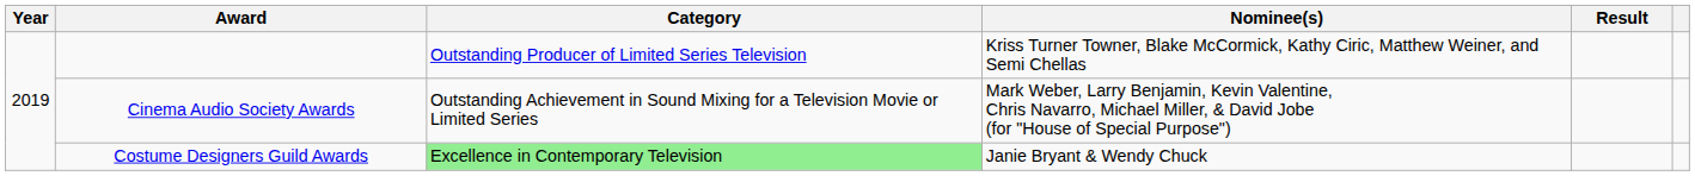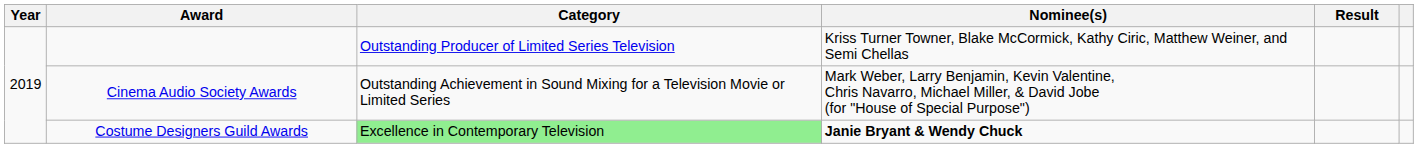 <table class="wikitable sortable" style="width:100%">
 <tr>
 <th scope="col" style="width:3%;">Year</th>
 <th scope="col" style="width:22%;">Award</th>
 <th scope="col" style="width:33%;">Category</th>
 <th scope="col" style="width:35%;">Nominee(s)</th>
 <th scope="col" style="width:6%;">Result</th>
 <th scope="col" class="unsortable" style="width:1%;"></th>
 </tr>
 <tr>
 <td align="center" rowspan="3">2019</td>
 <td align="center"></td>
 <td><a href='#'>Outstanding Producer of Limited Series Television</a></td>
 <td>Kriss Turner Towner, Blake McCormick, Kathy Ciric, Matthew Weiner, and Semi Chellas</td>
 <td></td>
 <td align="center"></td>
 </tr>
 <tr>
 <td align="center"><a href='#'>Cinema Audio Society Awards</a></td>
 <td>Outstanding Achievement in Sound Mixing for a Television Movie or Limited Series</td>
 <td>Mark Weber, Larry Benjamin, Kevin Valentine,<br>Chris Navarro, Michael Miller, & David Jobe<br>(for "House of Special Purpose")</td>
 <td></td>
 <td align="center"></td>
 </tr>
 <tr>
 <td align="center"><a href='#'>Costume Designers Guild Awards</a></td>
 <td style="background: lightgreen;">Excellence in Contemporary Television</td>
-<td>Janie Bryant & Wendy Chuck</td>
+<td><strong>Janie Bryant & Wendy Chuck</strong></td>
 <td></td>
 <td align="center"></td>
 </tr>
 </table>
